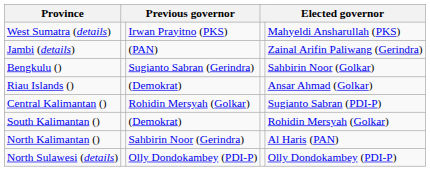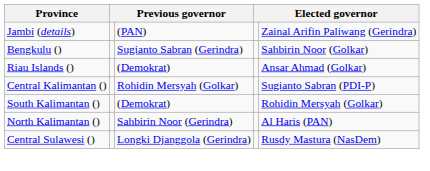 <table class="wikitable">
 <tr>
 <th>Province</th>
 <th colspan=2>Previous governor</th>
 <th colspan=2>Elected governor</th>
-</tr>
-<tr>
-<td><a href='#'>West Sumatra</a> (<a href='#'><em>details</em></a>)</td>
-<td style="background:"></td>
-<td><a href='#'>Irwan Prayitno</a> (<a href='#'>PKS</a>)</td>
-<td style="background:"></td>
-<td><a href='#'>Mahyeldi Ansharullah</a> (<a href='#'>PKS</a>)</td>
 </tr>
 <tr>
 <td><a href='#'>Jambi</a> (<a href='#'><em>details</em></a>)</td>
 <td style="background:"></td>
 <td> (<a href='#'>PAN</a>)</td>
 <td style="background:"></td>
 <td><a href='#'>Zainal Arifin Paliwang</a> (<a href='#'>Gerindra</a>)</td>
 </tr>
 <tr>
 <td><a href='#'>Bengkulu</a> ()</td>
 <td style="background:"></td>
 <td><a href='#'>Sugianto Sabran</a> (<a href='#'>Gerindra</a>)</td>
 <td style="background:"></td>
 <td><a href='#'>Sahbirin Noor</a> (<a href='#'>Golkar</a>)</td>
 </tr>
 <tr>
 <td><a href='#'>Riau Islands</a> ()</td>
 <td style="background:"></td>
 <td> (<a href='#'>Demokrat</a>)</td>
 <td style="background:"></td>
 <td><a href='#'>Ansar Ahmad</a> (<a href='#'>Golkar</a>)</td>
 </tr>
 <tr>
 <td><a href='#'>Central Kalimantan</a> ()</td>
 <td style="background:"></td>
 <td><a href='#'>Rohidin Mersyah</a> (<a href='#'>Golkar</a>)</td>
 <td style="background:"></td>
 <td><a href='#'>Sugianto Sabran</a> (<a href='#'>PDI-P</a>)</td>
 </tr>
 <tr>
 <td><a href='#'>South Kalimantan</a> ()</td>
 <td style="background:"></td>
 <td> (<a href='#'>Demokrat</a>)</td>
 <td style="background:"></td>
 <td><a href='#'>Rohidin Mersyah</a> (<a href='#'>Golkar</a>)</td>
 </tr>
 <tr>
 <td><a href='#'>North Kalimantan</a> ()</td>
 <td style="background:"></td>
 <td><a href='#'>Sahbirin Noor</a> (<a href='#'>Gerindra</a>)</td>
 <td style="background:"></td>
 <td><a href='#'>Al Haris</a> (<a href='#'>PAN</a>)</td>
 </tr>
 <tr>
-<td><a href='#'>North Sulawesi</a> (<a href='#'><em>details</em></a>)</td>
+<td><a href='#'>Central Sulawesi</a> ()</td>
 <td style="background:"></td>
-<td><a href='#'>Olly Dondokambey</a> (<a href='#'>PDI-P</a>)</td>
+<td><a href='#'>Longki Djanggola</a> (<a href='#'>Gerindra</a>)</td>
 <td style="background:"></td>
-<td><a href='#'>Olly Dondokambey</a> (<a href='#'>PDI-P</a>)</td>
+<td><a href='#'>Rusdy Mastura</a> (<a href='#'>NasDem</a>)</td>
 </tr>
 </table>
